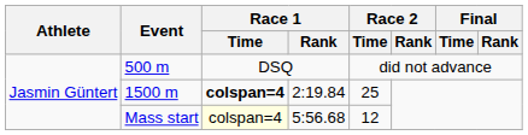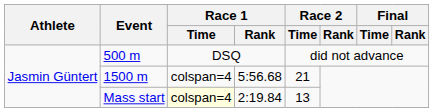 <table class="wikitable" style="font-size:90%">
 <tr>
 <th rowspan=2>Athlete</th>
 <th rowspan=2>Event</th>
 <th colspan=2>Race 1</th>
 <th colspan=2>Race 2</th>
 <th colspan=2>Final</th>
 </tr>
 <tr style="font-size:95%">
 <th>Time</th>
 <th>Rank</th>
 <th>Time</th>
 <th>Rank</th>
 <th>Time</th>
 <th>Rank</th>
 </tr>
 <tr align=center>
 <td align=left rowspan=3><a href='#'>Jasmin Güntert</a></td>
 <td align=left><a href='#'>500 m</a></td>
 <td colspan=2>DSQ</td>
 <td colspan=4>did not advance</td>
 </tr>
 <tr align=center>
 <td align=left><a href='#'>1500 m</a></td>
-<td><strong>colspan=4 </strong></td>
-<td>2:19.84</td>
-<td>25</td>
+<td>colspan=4 </td>
+<td>5:56.68</td>
+<td>21</td>
 </tr>
 <tr align=center>
 <td align=left><a href='#'>Mass start</a></td>
 <td style="background: lightyellow;">colspan=4 </td>
-<td>5:56.68</td>
-<td>12</td>
+<td>2:19.84</td>
+<td>13</td>
 </tr>
 </table>
